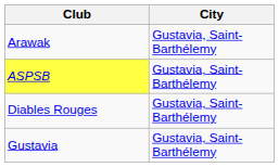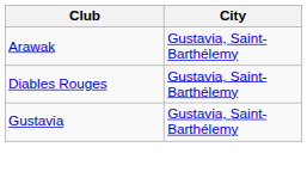 <table class="wikitable">
 <tr>
 <th width="175px">Club</th>
 <th width="150px">City</th>
 </tr>
 <tr>
 <td><a href='#'>Arawak</a></td>
-<td><a href='#'>Gustavia, Saint-Barthélemy</a></td>
-</tr>
-<tr>
-<td style="background:#FFFF44"><em><a href='#'>ASPSB</a></em></td>
 <td><a href='#'>Gustavia, Saint-Barthélemy</a></td>
 </tr>
 <tr>
 <td><a href='#'>Diables Rouges</a></td>
 <td><a href='#'>Gustavia, Saint-Barthélemy</a></td>
 </tr>
 <tr>
 <td><a href='#'>Gustavia</a></td>
 <td><a href='#'>Gustavia, Saint-Barthélemy</a></td>
 </tr>
 </table>
